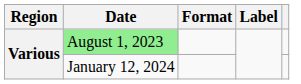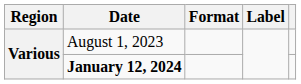 <table class="wikitable plainrowheaders">
 <tr>
 <th scope="col">Region</th>
 <th scope="col">Date</th>
 <th scope="col">Format</th>
 <th scope="col">Label</th>
 <th scope="col"></th>
 </tr>
 <tr>
 <th scope="row" rowspan="2">Various</th>
-<td style="background: lightgreen;">August 1, 2023</td>
+<td>August 1, 2023</td>
 <td></td>
 <td rowspan="2"></td>
 <td align="center"></td>
 </tr>
 <tr>
-<td>January 12, 2024</td>
+<td><strong>January 12, 2024</strong></td>
 <td></td>
 <td align="center"></td>
 </tr>
 </table>
